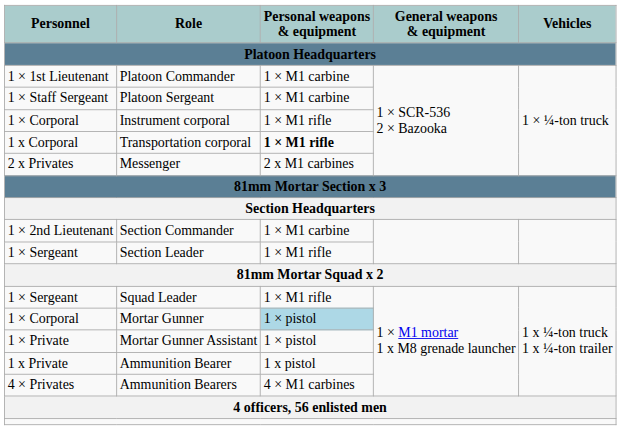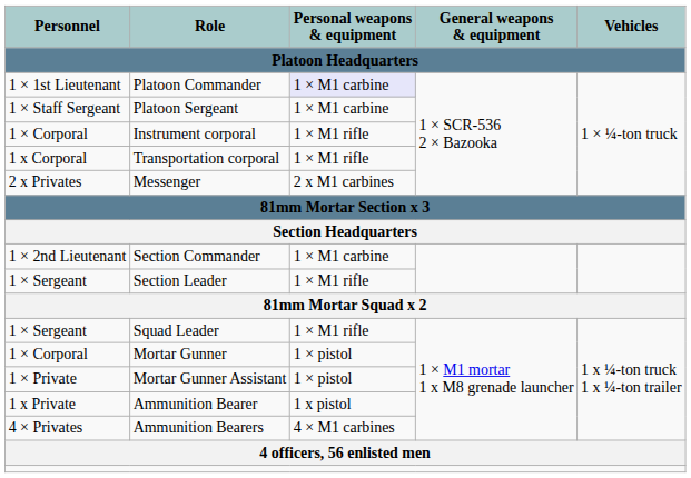 <table class="wikitable mw-collapsible mw-collapsed" style="display: inline-table;">
 <tr>
 <th style="text-align:center; background:#acc;">Personnel</th>
 <th style="text-align:center; background:#acc;">Role</th>
 <th style="text-align:l center; background:#acc;">Personal weapons<br>& equipment</th>
 <th style="text-align:l center; background:#acc;">General weapons<br>& equipment</th>
 <th style="text-align:l center; background:#acc;">Vehicles</th>
 </tr>
 <tr>
 <th scope="col" colspan="5" style="align: center; background: #5B7F95">Platoon Headquarters</th>
 </tr>
 <tr>
 <td>1 × 1st Lieutenant</td>
 <td>Platoon Commander</td>
-<td>1 × M1 carbine</td>
+<td style="background: lavender;">1 × M1 carbine</td>
 <td rowspan="5" style="center">1 × SCR-536<br>2 × Bazooka</td>
 <td rowspan="5" style="center">1 × ¼-ton truck</td>
 </tr>
 <tr>
 <td>1 × Staff Sergeant</td>
 <td>Platoon Sergeant</td>
 <td>1 × M1 carbine</td>
 </tr>
 <tr>
 <td>1 × Corporal</td>
 <td>Instrument corporal</td>
 <td>1 × M1 rifle</td>
 </tr>
 <tr>
 <td>1 x Corporal</td>
 <td>Transportation corporal</td>
-<td><strong>1 × M1 rifle</strong></td>
+<td>1 × M1 rifle</td>
 </tr>
 <tr>
 <td>2 x Privates</td>
 <td>Messenger</td>
 <td>2 x M1 carbines</td>
 </tr>
 <tr>
 <th scope="col" colspan="5" style="align: center; background: #5B7F95">81mm Mortar Section x 3</th>
 </tr>
 <tr>
 <th scope="col" colspan="5" style="align: center; background: light blue;">Section Headquarters</th>
 </tr>
 <tr>
 <td>1 × 2nd Lieutenant</td>
 <td>Section Commander</td>
 <td>1 × M1 carbine</td>
 <td rowspan="2"></td>
 <td rowspan="2"></td>
 </tr>
 <tr>
 <td>1 × Sergeant</td>
 <td>Section Leader</td>
 <td>1 × M1 rifle</td>
 </tr>
 <tr>
 <th colspan="5" style="background: light blue;">81mm Mortar Squad x 2</th>
 </tr>
 <tr>
 <td>1 × Sergeant</td>
 <td>Squad Leader</td>
 <td>1 × M1 rifle</td>
 <td rowspan="5">1 × <a href='#'>M1 mortar</a><br>1 x M8 grenade launcher</td>
 <td rowspan="5">1 x ¼-ton truck<br>1 x ¼-ton trailer</td>
 </tr>
 <tr>
 <td>1 × Corporal</td>
 <td>Mortar Gunner</td>
-<td style="background: lightblue;">1 × pistol</td>
+<td>1 × pistol</td>
 </tr>
 <tr>
 <td>1 × Private</td>
 <td>Mortar Gunner Assistant</td>
 <td>1 × pistol</td>
 </tr>
 <tr>
 <td>1 x Private</td>
 <td>Ammunition Bearer</td>
 <td>1 x pistol</td>
 </tr>
 <tr>
 <td>4 × Privates</td>
 <td>Ammunition Bearers</td>
 <td>4 × M1 carbines</td>
 </tr>
 <tr>
 <th colspan="5" style="background: light blue;">4 officers, 56 enlisted men</th>
 </tr>
 <tr>
 <td colspan="6"></td>
 </tr>
 </table>
